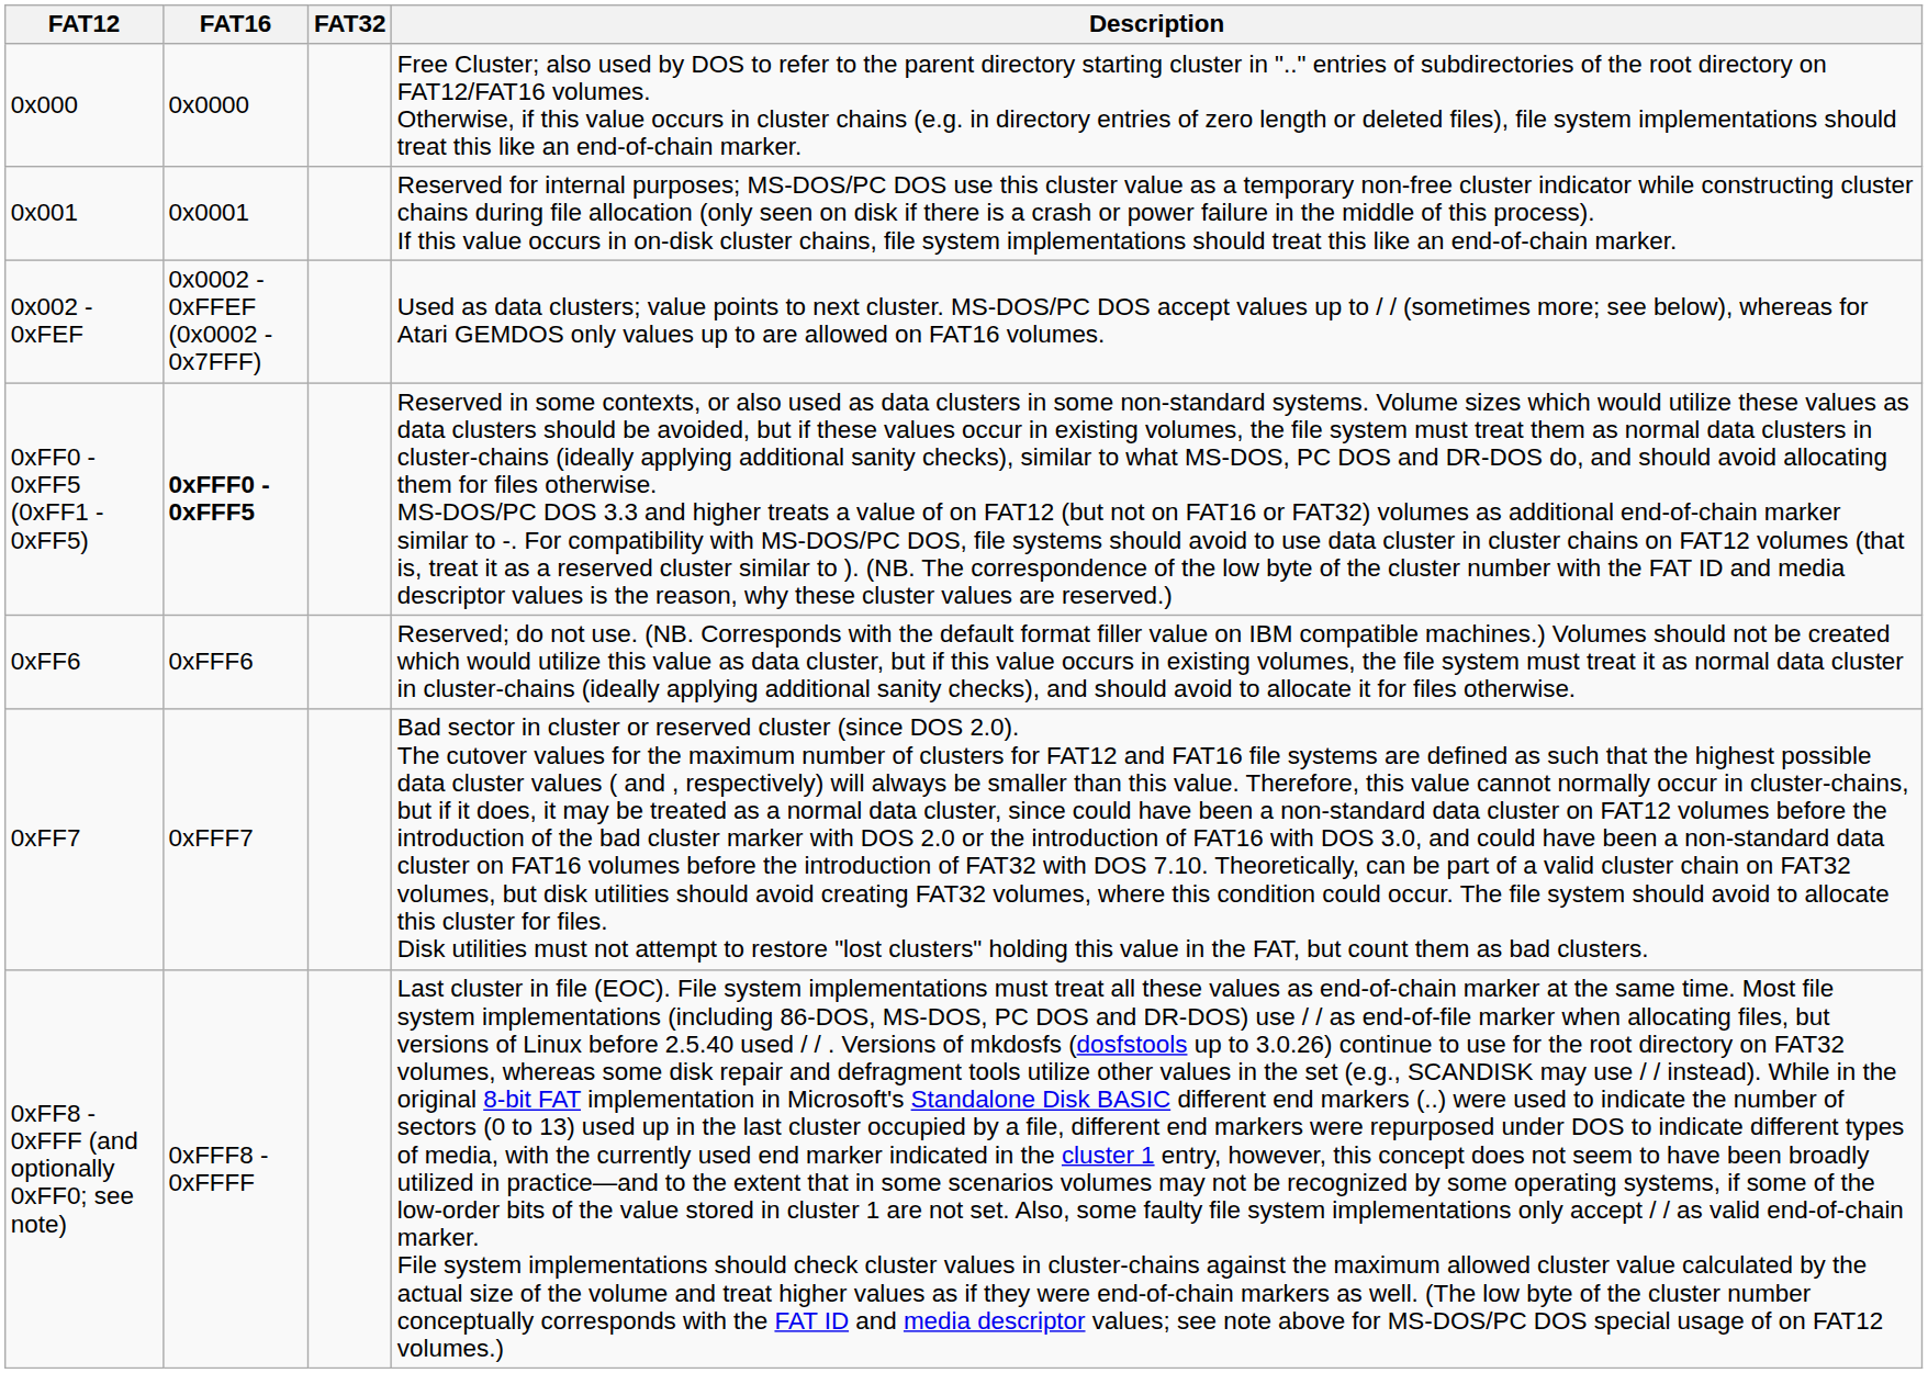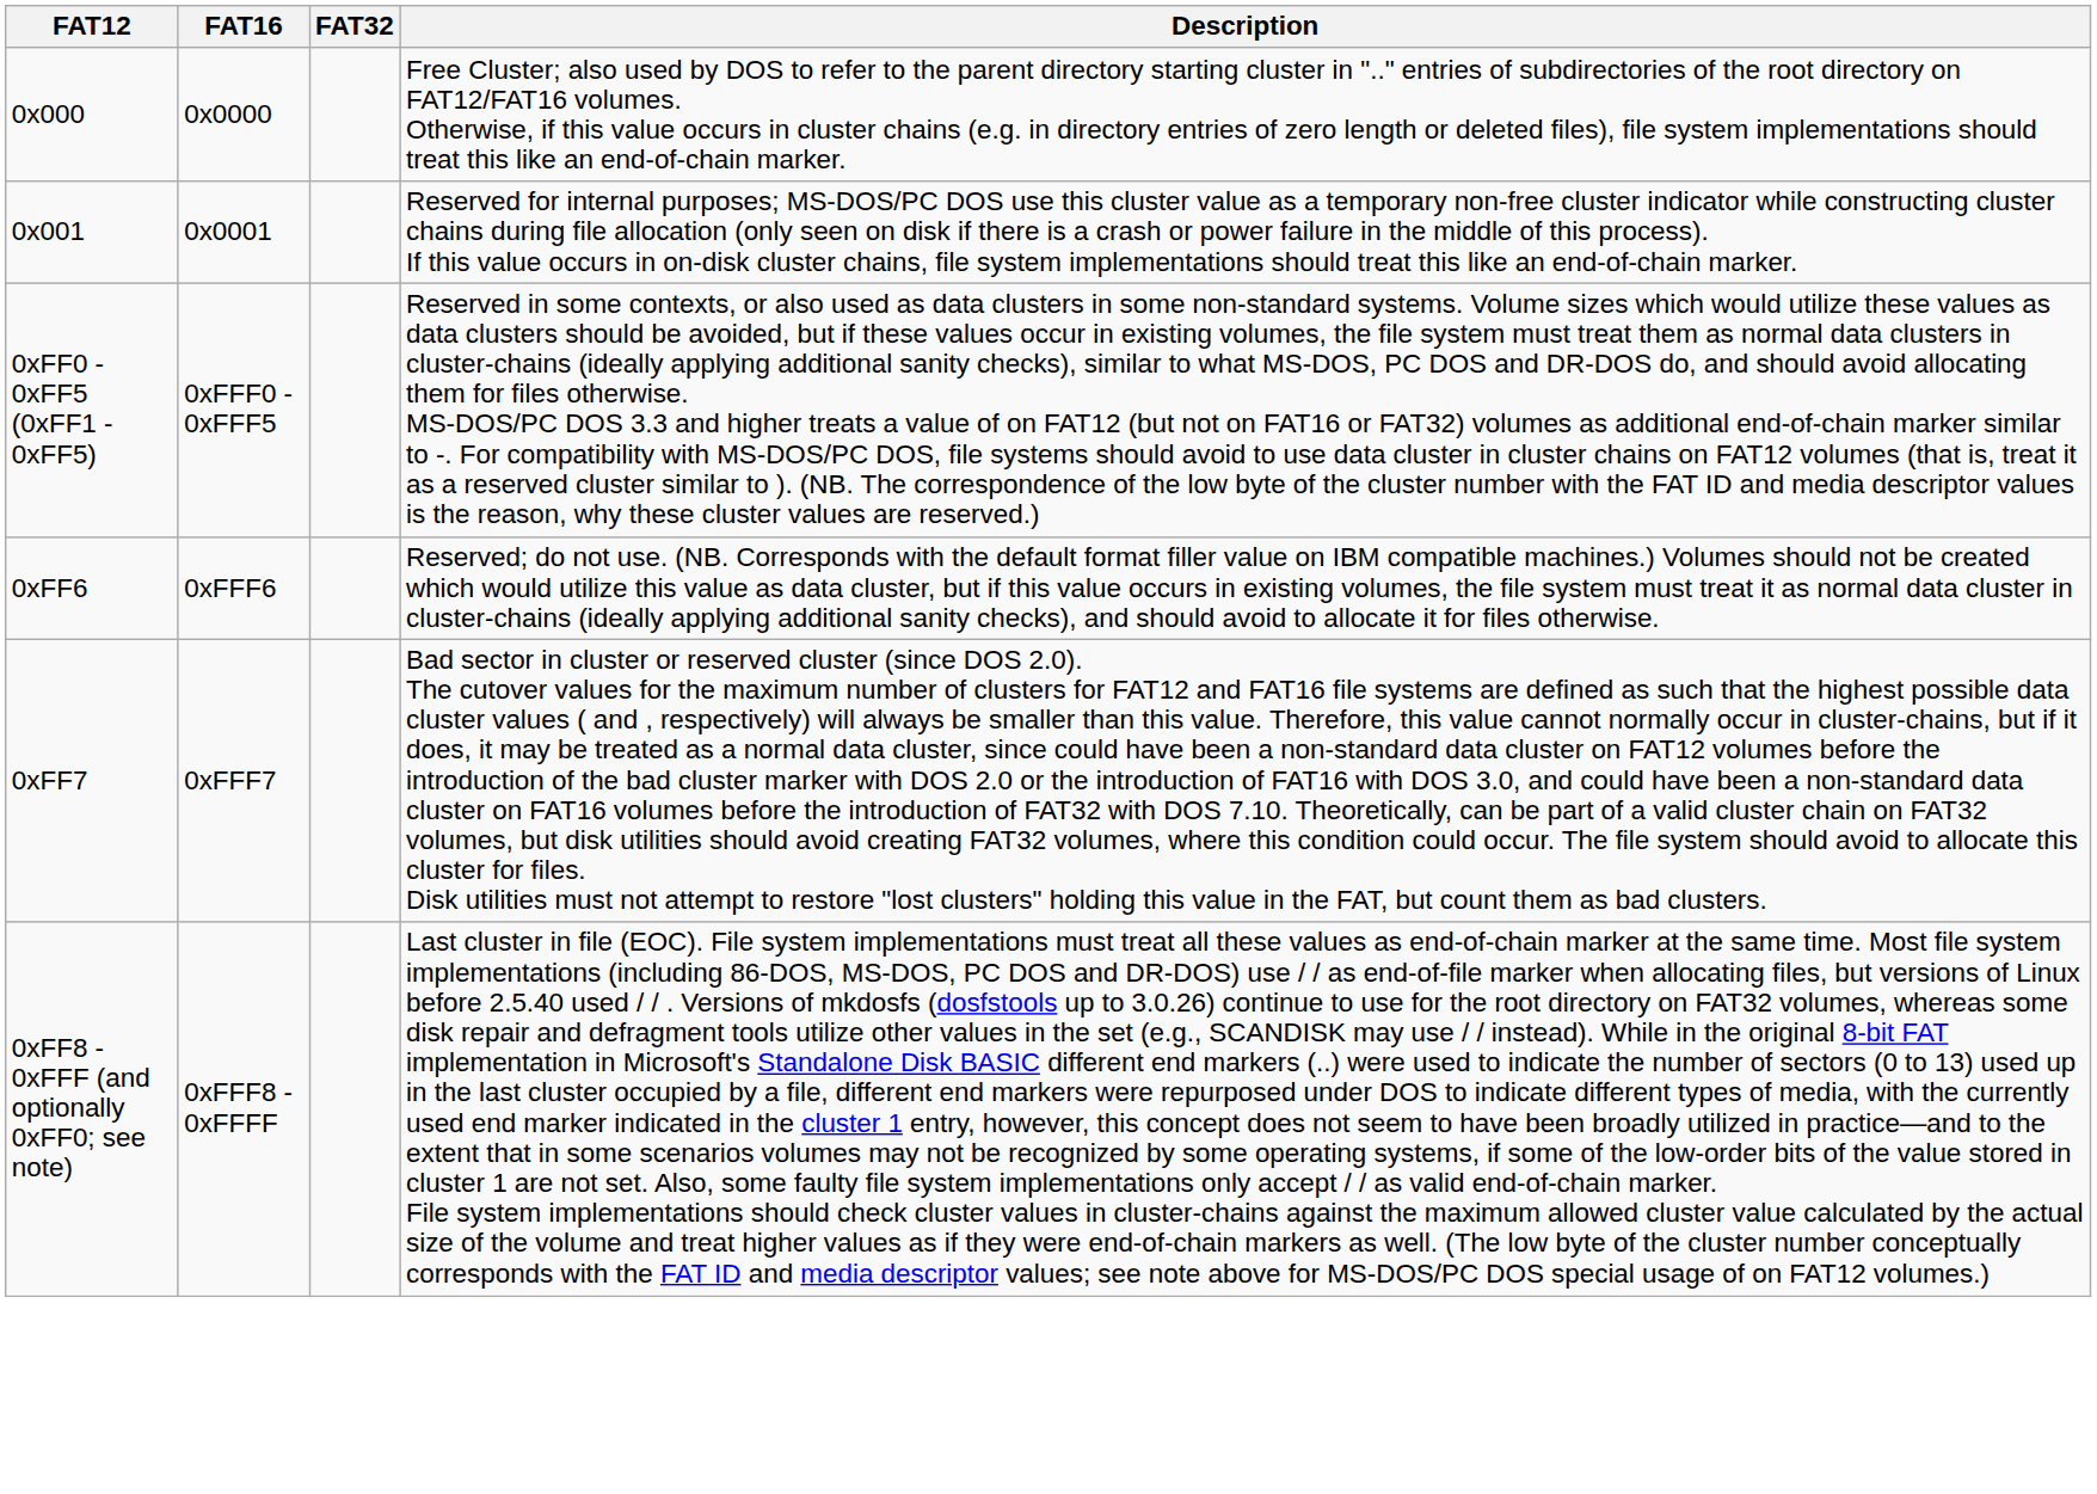 <table class="wikitable">
 <tr>
 <th>FAT12</th>
 <th>FAT16</th>
 <th>FAT32</th>
 <th>Description</th>
 </tr>
 <tr>
 <td>0x000</td>
 <td>0x0000</td>
 <td></td>
 <td>Free Cluster; also used by DOS to refer to the parent directory starting cluster in ".." entries of subdirectories of the root directory on FAT12/FAT16 volumes.<br>Otherwise, if this value occurs in cluster chains (e.g. in directory entries of zero length or deleted files), file system implementations should treat this like an end-of-chain marker.</td>
 </tr>
 <tr>
 <td>0x001</td>
 <td>0x0001</td>
 <td></td>
 <td>Reserved for internal purposes; MS-DOS/PC DOS use this cluster value as a temporary non-free cluster indicator while constructing cluster chains during file allocation (only seen on disk if there is a crash or power failure in the middle of this process).<br>If this value occurs in on-disk cluster chains, file system implementations should treat this like an end-of-chain marker.</td>
 </tr>
 <tr>
-<td>0x002 - 0xFEF</td>
-<td>0x0002 - 0xFFEF (0x0002 - 0x7FFF)</td>
-<td> </td>
-<td>Used as data clusters; value points to next cluster. MS-DOS/PC DOS accept values up to  /  /  (sometimes more; see below), whereas for Atari GEMDOS only values up to  are allowed on FAT16 volumes.</td>
-</tr>
-<tr>
 <td>0xFF0 - 0xFF5 (0xFF1 - 0xFF5)</td>
-<td><strong>0xFFF0 - 0xFFF5</strong></td>
+<td>0xFFF0 - 0xFFF5</td>
 <td> </td>
 <td>Reserved in some contexts, or also used as data clusters in some non-standard systems. Volume sizes which would utilize these values as data clusters should be avoided, but if these values occur in existing volumes, the file system must treat them as normal data clusters in cluster-chains (ideally applying additional sanity checks), similar to what MS-DOS, PC DOS and DR-DOS do, and should avoid allocating them for files otherwise.<br>MS-DOS/PC DOS 3.3 and higher treats a value of  on FAT12 (but not on FAT16 or FAT32) volumes as additional end-of-chain marker similar to -. For compatibility with MS-DOS/PC DOS, file systems should avoid to use data cluster  in cluster chains on FAT12 volumes (that is, treat it as a reserved cluster similar to ). (NB. The correspondence of the low byte of the cluster number with the FAT ID and media descriptor values is the reason, why these cluster values are reserved.)</td>
 </tr>
 <tr>
 <td>0xFF6</td>
 <td>0xFFF6</td>
 <td></td>
 <td>Reserved; do not use. (NB. Corresponds with the default format filler value  on IBM compatible machines.) Volumes should not be created which would utilize this value as data cluster, but if this value occurs in existing volumes, the file system must treat it as normal data cluster in cluster-chains (ideally applying additional sanity checks), and should avoid to allocate it for files otherwise.</td>
 </tr>
 <tr>
 <td>0xFF7</td>
 <td>0xFFF7</td>
 <td></td>
 <td>Bad sector in cluster or reserved cluster (since DOS 2.0).<br>The cutover values for the maximum number of clusters for FAT12 and FAT16 file systems are defined as such that the highest possible data cluster values ( and , respectively) will always be smaller than this value. Therefore, this value cannot normally occur in cluster-chains, but if it does, it may be treated as a normal data cluster, since  could have been a non-standard data cluster on FAT12 volumes before the introduction of the bad cluster marker with DOS 2.0 or the introduction of FAT16 with DOS 3.0, and  could have been a non-standard data cluster on FAT16 volumes before the introduction of FAT32 with DOS 7.10. Theoretically,  can be part of a valid cluster chain on FAT32 volumes, but disk utilities should avoid creating FAT32 volumes, where this condition could occur. The file system should avoid to allocate this cluster for files.<br>Disk utilities must not attempt to restore "lost clusters" holding this value in the FAT, but count them as bad clusters.</td>
 </tr>
 <tr>
 <td>0xFF8 - 0xFFF (and optionally 0xFF0; see note)</td>
 <td>0xFFF8 - 0xFFFF</td>
 <td> </td>
 <td>Last cluster in file (EOC). File system implementations must treat all these values as end-of-chain marker at the same time. Most file system implementations (including 86-DOS, MS-DOS, PC DOS and DR-DOS) use  /  /  as end-of-file marker when allocating files, but versions of Linux before 2.5.40 used  /  / . Versions of mkdosfs (<a href='#'>dosfstools</a> up to 3.0.26) continue to use  for the root directory on FAT32 volumes, whereas some disk repair and defragment tools utilize other values in the set (e.g., SCANDISK may use  /  /  instead). While in the original <a href='#'>8-bit FAT</a> implementation in Microsoft's <a href='#'>Standalone Disk BASIC</a> different end markers (..) were used to indicate the number of sectors (0 to 13) used up in the last cluster occupied by a file, different end markers were repurposed under DOS to indicate different types of media, with the currently used end marker indicated in the <a href='#'>cluster 1</a> entry, however, this concept does not seem to have been broadly utilized in practice—and to the extent that in some scenarios volumes may not be recognized by some operating systems, if some of the low-order bits of the value stored in cluster 1 are not set. Also, some faulty file system implementations only accept  /  /  as valid end-of-chain marker.<br>File system implementations should check cluster values in cluster-chains against the maximum allowed cluster value calculated by the actual size of the volume and treat higher values as if they were end-of-chain markers as well. (The low byte of the cluster number conceptually corresponds with the <a href='#'>FAT ID</a> and <a href='#'>media descriptor</a> values; see note above for MS-DOS/PC DOS special usage of  on FAT12 volumes.)</td>
 </tr>
 </table>
